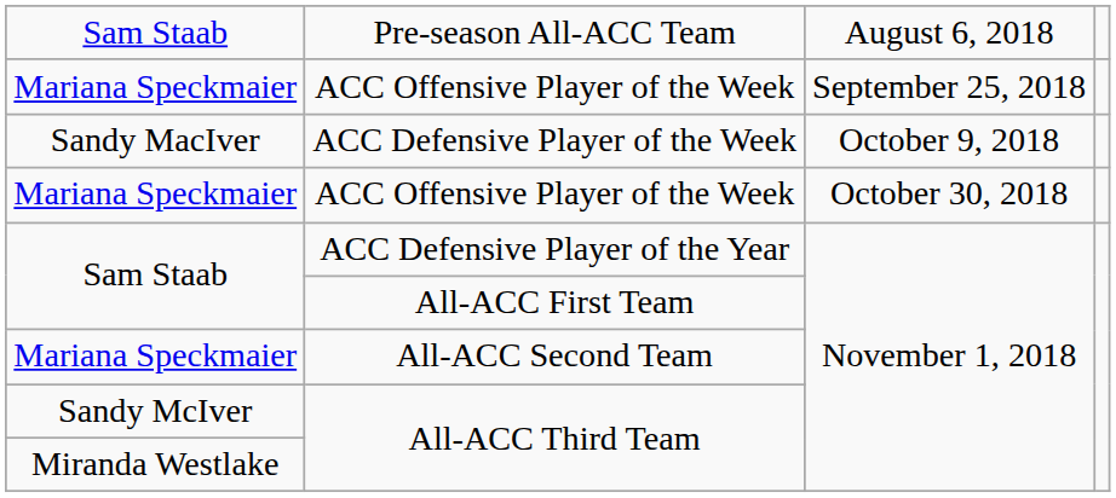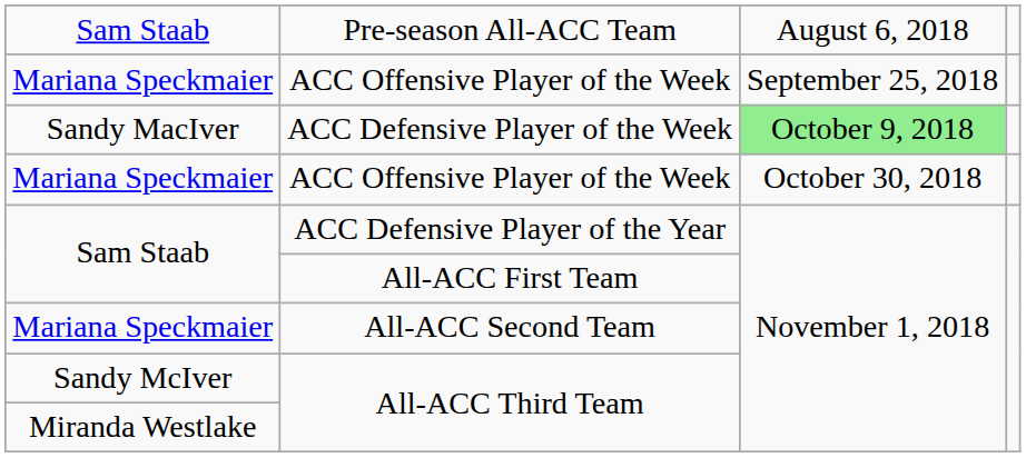 <table class="wikitable sortable" style="text-align: center">
 <tr>
 <td><a href='#'>Sam Staab</a></td>
 <td>Pre-season All-ACC Team</td>
 <td>August 6, 2018</td>
 <td></td>
 </tr>
 <tr>
 <td><a href='#'>Mariana Speckmaier</a></td>
 <td>ACC Offensive Player of the Week</td>
 <td>September 25, 2018</td>
 <td></td>
 </tr>
 <tr>
 <td>Sandy MacIver</td>
 <td>ACC Defensive Player of the Week</td>
-<td>October 9, 2018</td>
+<td style="background: lightgreen;">October 9, 2018</td>
 <td></td>
 </tr>
 <tr>
 <td><a href='#'>Mariana Speckmaier</a></td>
 <td>ACC Offensive Player of the Week</td>
 <td>October 30, 2018</td>
 <td></td>
 </tr>
 <tr>
 <td rowspan=2>Sam Staab</td>
 <td>ACC Defensive Player of the Year</td>
 <td rowspan=5>November 1, 2018</td>
 <td rowspan=5></td>
 </tr>
 <tr>
 <td>All-ACC First Team</td>
 </tr>
 <tr>
 <td><a href='#'>Mariana Speckmaier</a></td>
 <td>All-ACC Second Team</td>
 </tr>
 <tr>
 <td>Sandy McIver</td>
 <td rowspan=2>All-ACC Third Team</td>
 </tr>
 <tr>
 <td>Miranda Westlake</td>
 </tr>
 </table>
